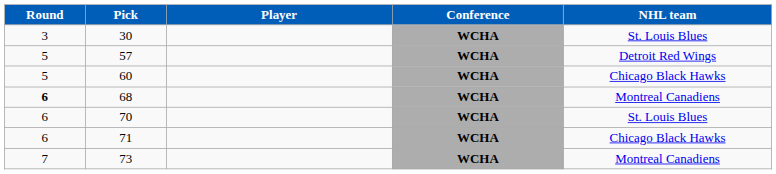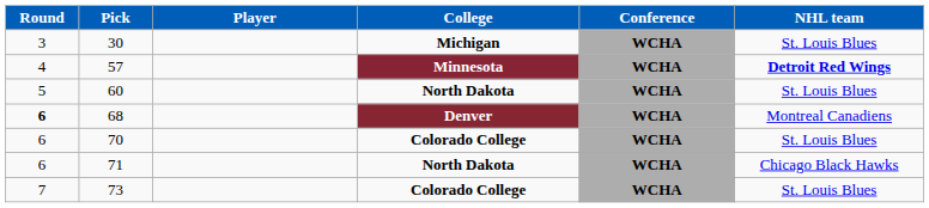 <table class="wikitable sortable" width="75%">
 <tr>
 <th style="color:white; background-color:#005EB8; width: 4em;">Round</th>
 <th style="color:white; background-color:#005EB8; width: 4em;">Pick</th>
 <th style="color:white; background-color:#005EB8; width: 12em;">Player</th>
+<th style="color:white; background-color:#005EB8; width: 13em;">College</th>
 <th style="color:white; background-color:#005EB8; width: 9em;">Conference</th>
 <th style="color:white; background-color:#005EB8; width: 11em;">NHL team</th>
 </tr>
 <tr align="center" bgcolor="">
 <td>3</td>
 <td>30</td>
 <td></td>
+<td><strong>Michigan</strong></td>
 <td style="color:black; background:#ADADAD; "><strong>WCHA</strong></td>
 <td><a href='#'>St. Louis Blues</a></td>
 </tr>
 <tr align="center" bgcolor="">
-<td>5</td>
+<td>4</td>
 <td>57</td>
 <td></td>
+<td style="color:white; background:#862334; "><strong>Minnesota</strong></td>
 <td style="color:black; background:#ADADAD; "><strong>WCHA</strong></td>
-<td><a href='#'>Detroit Red Wings</a></td>
+<td><strong><a href='#'>Detroit Red Wings</a></strong></td>
 </tr>
 <tr align="center" bgcolor="">
 <td>5</td>
 <td>60</td>
 <td></td>
+<td><strong>North Dakota</strong></td>
 <td style="color:black; background:#ADADAD; "><strong>WCHA</strong></td>
-<td><a href='#'>Chicago Black Hawks</a></td>
+<td><a href='#'>St. Louis Blues</a></td>
 </tr>
 <tr align="center" bgcolor="">
 <td><strong>6</strong></td>
 <td>68</td>
 <td></td>
+<td style="color:white; background:#862633; "><strong>Denver</strong></td>
 <td style="color:black; background:#ADADAD; "><strong>WCHA</strong></td>
 <td><a href='#'>Montreal Canadiens</a></td>
 </tr>
 <tr align="center" bgcolor="">
 <td>6</td>
 <td>70</td>
 <td></td>
+<td><strong>Colorado College</strong></td>
 <td style="color:black; background:#ADADAD; "><strong>WCHA</strong></td>
 <td><a href='#'>St. Louis Blues</a></td>
 </tr>
 <tr align="center" bgcolor="">
 <td>6</td>
 <td>71</td>
 <td></td>
+<td><strong>North Dakota</strong></td>
 <td style="color:black; background:#ADADAD; "><strong>WCHA</strong></td>
 <td><a href='#'>Chicago Black Hawks</a></td>
 </tr>
 <tr align="center" bgcolor="">
 <td>7</td>
 <td>73</td>
 <td></td>
+<td><strong>Colorado College</strong></td>
 <td style="color:black; background:#ADADAD; "><strong>WCHA</strong></td>
-<td><a href='#'>Montreal Canadiens</a></td>
+<td><a href='#'>St. Louis Blues</a></td>
 </tr>
 </table>
